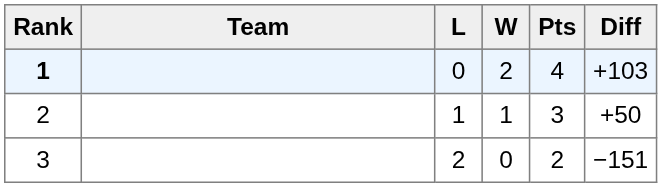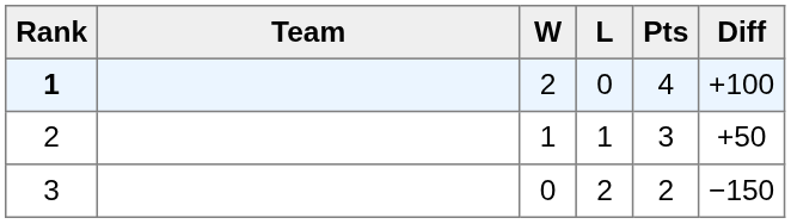 <table style=border-collapse:collapse border=1 cellspacing=0 cellpadding=5>
 <tr align=center bgcolor=#efefef>
 <th width=20>Rank</th>
 <th width=220>Team</th>
+<th width=20>W</th>
 <th width=20>L</th>
-<th width=20>W</th>
 <th width=20>Pts</th>
 <th width=20>Diff</th>
 </tr>
 <tr align=center bgcolor=#EBF5FF>
 <td><strong>1</strong></td>
 <td align=left></td>
+<td>2</td>
 <td>0</td>
-<td>2</td>
 <td>4</td>
-<td>+103</td>
+<td>+100</td>
 </tr>
 <tr align=center>
 <td>2</td>
 <td align=left></td>
 <td>1</td>
 <td>1</td>
 <td>3</td>
 <td>+50</td>
 </tr>
 <tr align=center>
 <td>3</td>
 <td align=left></td>
-<td>2</td>
 <td>0</td>
 <td>2</td>
-<td>−151</td>
+<td>2</td>
+<td>−150</td>
 </tr>
 </table>
